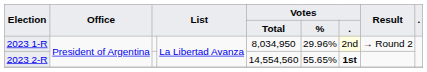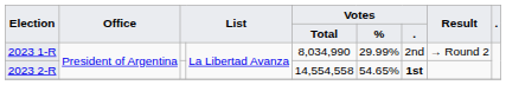 <table class="wikitable" style="font-size:90%; text-align:center;">
 <tr>
 <th style="background-color:#EAECF0;" rowspan=2>Election</th>
 <th style="background-color:#EAECF0;" rowspan=2>Office</th>
 <th style="background-color:#EAECF0;" colspan=2 rowspan=2>List</th>
 <th style="background-color:#EAECF0;" colspan=3>Votes</th>
 <th style="background-color:#EAECF0;" rowspan=2>Result</th>
 <th style="background-color:#EAECF0;" rowspan=2>.</th>
 </tr>
 <tr>
 <th style="background-color:#EAECF0;">Total</th>
 <th style="background-color:#EAECF0;">%</th>
 <th style="background-color:#EAECF0;">.</th>
 </tr>
 <tr>
 <td style="background-color:#EAECF0;"><a href='#'>2023 1-R</a></td>
 <td rowspan="2"><a href='#'>President of Argentina</a></td>
 <td style="background-color:"></td>
 <td rowspan="2"><a href='#'>La Libertad Avanza</a></td>
-<td>8,034,950</td>
-<td>29.96%</td>
-<td style="background: lightyellow;">2nd</td>
+<td>8,034,990</td>
+<td>29.99%</td>
+<td>2nd</td>
 <td>→ Round 2</td>
 <td rowspan="2"></td>
 </tr>
 <tr>
 <td style="background-color:#EAECF0;"><a href='#'>2023 2-R</a></td>
 <td style="background-color:"></td>
-<td>14,554,560</td>
-<td>55.65%</td>
+<td>14,554,558</td>
+<td>54.65%</td>
 <td><strong>1st</strong></td>
 <td></td>
 </tr>
 <tr>
 </tr>
 </table>
